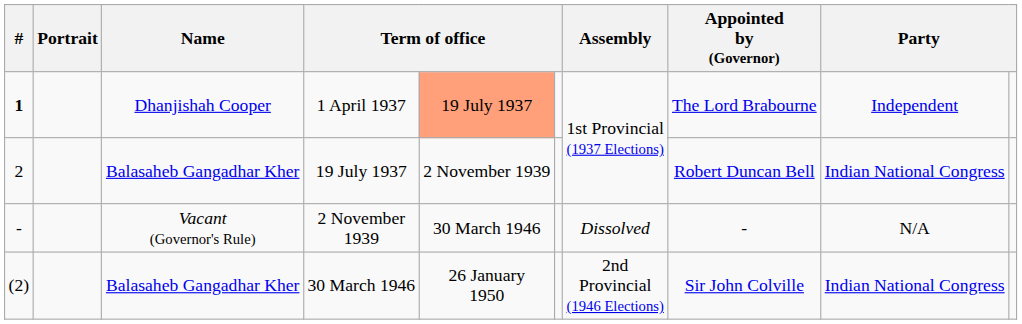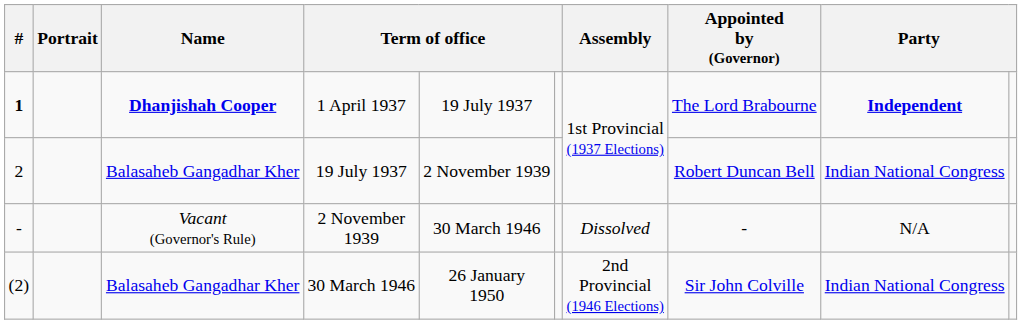 <table class="wikitable" align="center">
 <tr>
 <th>#</th>
 <th>Portrait</th>
 <th>Name</th>
 <th colspan="3">Term of office</th>
 <th>Assembly</th>
 <th>Appointed<br>by<br><small>(Governor)</small></th>
 <th colspan="2">Party</th>
 </tr>
 <tr align="center" style="height: 60px;">
 <td><strong>1</strong></td>
 <td></td>
-<td><a href='#'>Dhanjishah Cooper</a></td>
+<td><strong><a href='#'>Dhanjishah Cooper</a></strong></td>
 <td>1 April 1937</td>
-<td style="background: lightsalmon;">19 July 1937</td>
+<td>19 July 1937</td>
 <td></td>
 <td rowspan="2">1st Provincial<br><a href='#'><small>(1937 Elections)</small></a></td>
 <td><a href='#'>The Lord Brabourne</a></td>
-<td><a href='#'>Independent</a></td>
+<td><strong><a href='#'>Independent</a></strong></td>
 <td style="background-color: "></td>
 </tr>
 <tr align="center" style="height: 60px;">
 <td>2</td>
 <td></td>
 <td><a href='#'>Balasaheb Gangadhar Kher</a></td>
 <td>19 July 1937</td>
 <td>2 November 1939</td>
 <td></td>
 <td><a href='#'>Robert Duncan Bell</a></td>
 <td><a href='#'>Indian National Congress</a></td>
 <td style="background-color: "></td>
 </tr>
 <tr align="center">
 <td>-</td>
 <td></td>
 <td><em>Vacant</em><br><small>(Governor's Rule)</small></td>
 <td>2 November<br>1939</td>
 <td>30 March 1946</td>
 <td></td>
 <td><em>Dissolved</em></td>
 <td>-</td>
 <td>N/A</td>
 <td></td>
 </tr>
 <tr align="center" style="height: 60px;">
 <td>(2)</td>
 <td></td>
 <td><a href='#'>Balasaheb Gangadhar Kher</a></td>
 <td>30 March 1946</td>
 <td>26 January<br>1950</td>
 <td></td>
 <td>2nd<br>Provincial<br><a href='#'><small>(1946 Elections)</small></a></td>
 <td><a href='#'>Sir John Colville</a></td>
 <td><a href='#'>Indian National Congress</a></td>
 <td style="background-color: "></td>
 </tr>
 </table>
